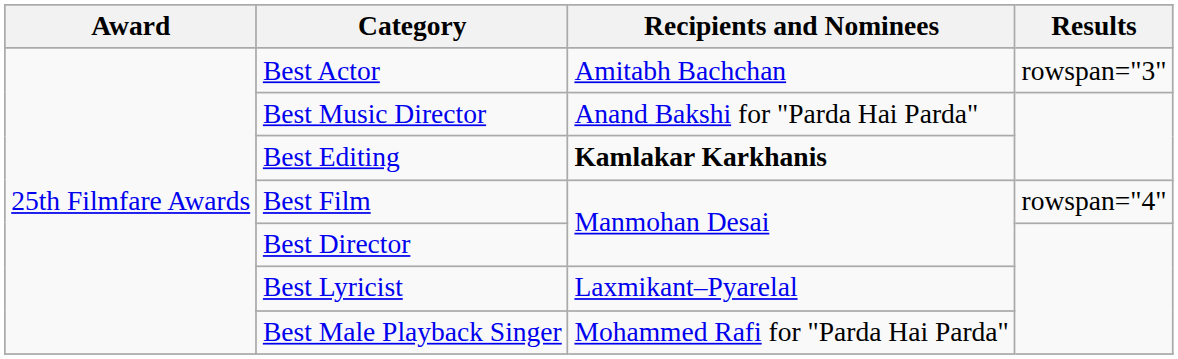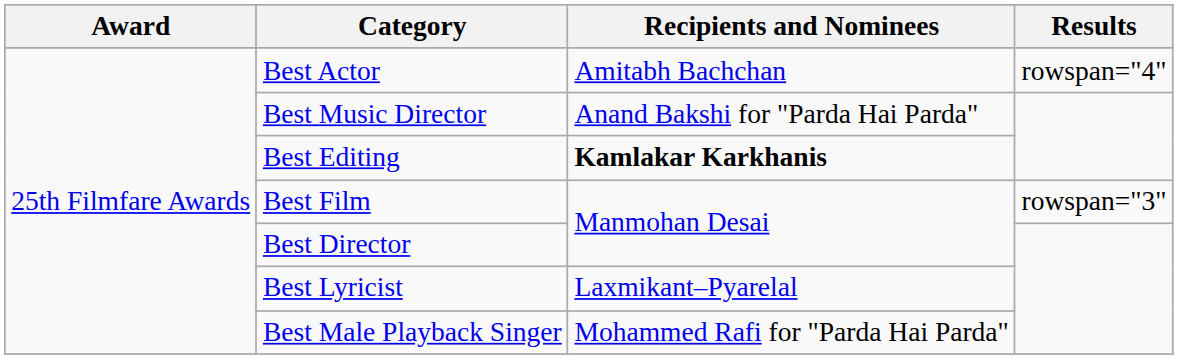 <table class="wikitable plainrowheaders sortable">
 <tr>
 <th>Award</th>
 <th>Category</th>
 <th>Recipients and Nominees</th>
 <th>Results</th>
 </tr>
 <tr>
 <td rowspan="7"><a href='#'>25th Filmfare Awards</a></td>
 <td><a href='#'>Best Actor</a></td>
 <td><a href='#'>Amitabh Bachchan</a></td>
-<td>rowspan="3" </td>
+<td>rowspan="4" </td>
 </tr>
 <tr>
 <td><a href='#'>Best Music Director</a></td>
 <td><a href='#'>Anand Bakshi</a> for "Parda Hai Parda"</td>
 </tr>
 <tr>
 <td><a href='#'>Best Editing</a></td>
 <td><strong>Kamlakar Karkhanis</strong></td>
 </tr>
 <tr>
 <td><a href='#'>Best Film</a></td>
 <td rowspan="2"><a href='#'>Manmohan Desai</a></td>
-<td>rowspan="4" </td>
+<td>rowspan="3" </td>
 </tr>
 <tr>
 <td><a href='#'>Best Director</a></td>
 </tr>
 <tr>
 <td><a href='#'>Best Lyricist</a></td>
 <td><a href='#'>Laxmikant–Pyarelal</a></td>
 </tr>
 <tr>
 <td><a href='#'>Best Male Playback Singer</a></td>
 <td><a href='#'>Mohammed Rafi</a> for "Parda Hai Parda"</td>
 </tr>
 </table>
